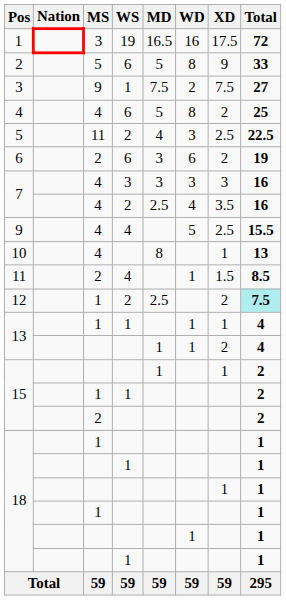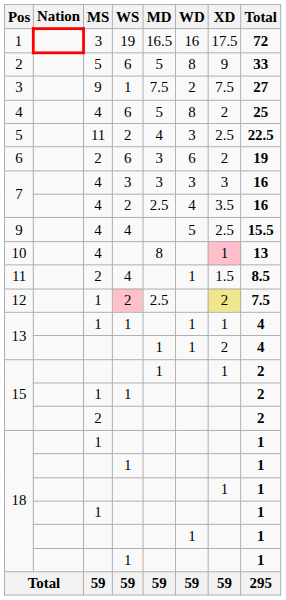 <table class="wikitable" style="text-align:center">
 <tr>
 <th>Pos</th>
 <th>Nation</th>
 <th>MS</th>
 <th>WS</th>
 <th>MD</th>
 <th>WD</th>
 <th>XD</th>
 <th>Total</th>
 </tr>
 <tr>
 <td>1</td>
 <td align=left style="border: 3px solid red"><strong></strong></td>
 <td>3</td>
 <td>19</td>
 <td>16.5</td>
 <td>16</td>
 <td>17.5</td>
 <td><strong>72</strong></td>
 </tr>
 <tr>
 <td>2</td>
 <td align=left></td>
 <td>5</td>
 <td>6</td>
 <td>5</td>
 <td>8</td>
 <td>9</td>
 <td><strong>33</strong></td>
 </tr>
 <tr>
 <td>3</td>
 <td align=left></td>
 <td>9</td>
 <td>1</td>
 <td>7.5</td>
 <td>2</td>
 <td>7.5</td>
 <td><strong>27</strong></td>
 </tr>
 <tr>
 <td>4</td>
 <td align=left></td>
 <td>4</td>
 <td>6</td>
 <td>5</td>
 <td>8</td>
 <td>2</td>
 <td><strong>25</strong></td>
 </tr>
 <tr>
 <td>5</td>
 <td align=left></td>
 <td>11</td>
 <td>2</td>
 <td>4</td>
 <td>3</td>
 <td>2.5</td>
 <td><strong>22.5</strong></td>
 </tr>
 <tr>
 <td>6</td>
 <td align=left></td>
 <td>2</td>
 <td>6</td>
 <td>3</td>
 <td>6</td>
 <td>2</td>
 <td><strong>19</strong></td>
 </tr>
 <tr>
 <td rowspan=2>7</td>
 <td align=left></td>
 <td>4</td>
 <td>3</td>
 <td>3</td>
 <td>3</td>
 <td>3</td>
 <td><strong>16</strong></td>
 </tr>
 <tr>
 <td align=left></td>
 <td>4</td>
 <td>2</td>
 <td>2.5</td>
 <td>4</td>
 <td>3.5</td>
 <td><strong>16</strong></td>
 </tr>
 <tr>
 <td>9</td>
 <td align=left></td>
 <td>4</td>
 <td>4</td>
 <td></td>
 <td>5</td>
 <td>2.5</td>
 <td><strong>15.5</strong></td>
 </tr>
 <tr>
 <td>10</td>
 <td align=left></td>
 <td>4</td>
 <td></td>
 <td>8</td>
 <td></td>
-<td>1</td>
+<td style="background: pink;">1</td>
 <td><strong>13</strong></td>
 </tr>
 <tr>
 <td>11</td>
 <td align=left></td>
 <td>2</td>
 <td>4</td>
 <td></td>
 <td>1</td>
 <td>1.5</td>
 <td><strong>8.5</strong></td>
 </tr>
 <tr>
 <td>12</td>
 <td align=left></td>
 <td>1</td>
-<td>2</td>
+<td style="background: pink;">2</td>
 <td>2.5</td>
 <td></td>
-<td>2</td>
-<td style="background: paleturquoise;"><strong>7.5</strong></td>
+<td style="background: khaki;">2</td>
+<td><strong>7.5</strong></td>
 </tr>
 <tr>
 <td rowspan=2>13</td>
 <td align=left></td>
 <td>1</td>
 <td>1</td>
 <td></td>
 <td>1</td>
 <td>1</td>
 <td><strong>4</strong></td>
 </tr>
 <tr>
 <td align=left></td>
 <td></td>
 <td></td>
 <td>1</td>
 <td>1</td>
 <td>2</td>
 <td><strong>4</strong></td>
 </tr>
 <tr>
 <td rowspan=3>15</td>
 <td align=left></td>
 <td></td>
 <td></td>
 <td>1</td>
 <td></td>
 <td>1</td>
 <td><strong>2</strong></td>
 </tr>
 <tr>
 <td align=left></td>
 <td>1</td>
 <td>1</td>
 <td></td>
 <td></td>
 <td></td>
 <td><strong>2</strong></td>
 </tr>
 <tr>
 <td align=left></td>
 <td>2</td>
 <td></td>
 <td></td>
 <td></td>
 <td></td>
 <td><strong>2</strong></td>
 </tr>
 <tr>
 <td rowspan=6>18</td>
 <td align=left></td>
 <td>1</td>
 <td></td>
 <td></td>
 <td></td>
 <td></td>
 <td><strong>1</strong></td>
 </tr>
 <tr>
 <td align=left></td>
 <td></td>
 <td>1</td>
 <td></td>
 <td></td>
 <td></td>
 <td><strong>1</strong></td>
 </tr>
 <tr>
 <td align=left></td>
 <td></td>
 <td></td>
 <td></td>
 <td></td>
 <td>1</td>
 <td><strong>1</strong></td>
 </tr>
 <tr>
 <td align=left></td>
 <td>1</td>
 <td></td>
 <td></td>
 <td></td>
 <td></td>
 <td><strong>1</strong></td>
 </tr>
 <tr>
 <td align=left></td>
 <td></td>
 <td></td>
 <td></td>
 <td>1</td>
 <td></td>
 <td><strong>1</strong></td>
 </tr>
 <tr>
 <td align=left></td>
 <td></td>
 <td>1</td>
 <td></td>
 <td></td>
 <td></td>
 <td><strong>1</strong></td>
 </tr>
 <tr>
 <th colspan="2">Total</th>
 <th>59</th>
 <th>59</th>
 <th>59</th>
 <th>59</th>
 <th>59</th>
 <th>295</th>
 </tr>
 </table>
